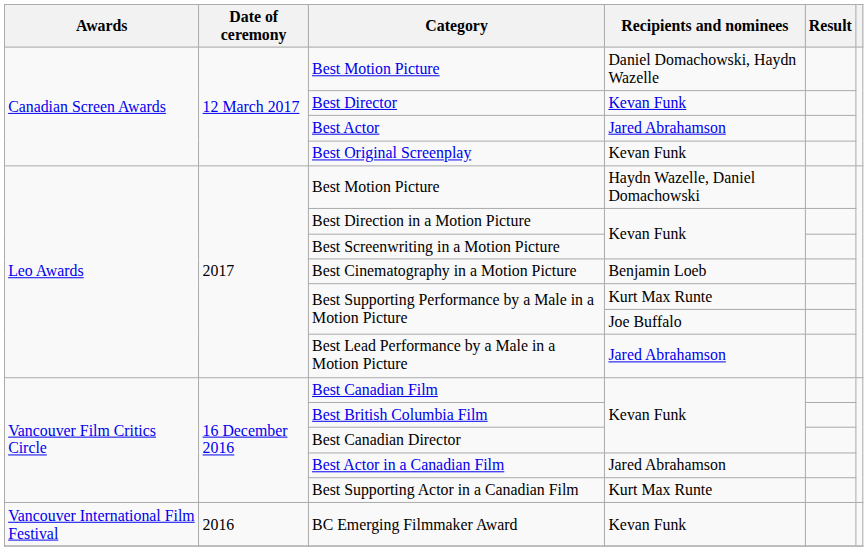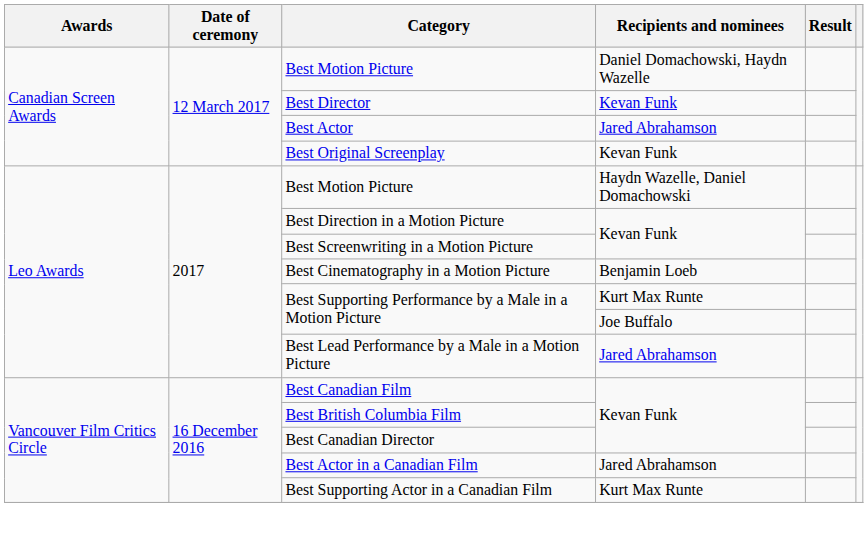 <table class="wikitable plainrowheaders sortable">
 <tr style="background:#ccc; text-align:center;">
 <th scope="col">Awards</th>
 <th scope="col">Date of ceremony</th>
 <th scope="col">Category</th>
 <th scope="col">Recipients and nominees</th>
 <th scope="col">Result</th>
 <th scope="col" class="unsortable"></th>
 </tr>
 <tr>
 <td rowspan=4><a href='#'>Canadian Screen Awards</a></td>
 <td rowspan=4><a href='#'>12 March 2017</a></td>
 <td><a href='#'>Best Motion Picture</a></td>
 <td>Daniel Domachowski, Haydn Wazelle</td>
 <td></td>
 <td rowspan=4></td>
 </tr>
 <tr>
 <td><a href='#'>Best Director</a></td>
 <td><a href='#'>Kevan Funk</a></td>
 <td></td>
 </tr>
 <tr>
 <td><a href='#'>Best Actor</a></td>
 <td><a href='#'>Jared Abrahamson</a></td>
 <td></td>
 </tr>
 <tr>
 <td><a href='#'>Best Original Screenplay</a></td>
 <td>Kevan Funk</td>
 <td></td>
 </tr>
 <tr>
 <td rowspan=7><a href='#'>Leo Awards</a></td>
 <td rowspan=7>2017</td>
 <td>Best Motion Picture</td>
 <td>Haydn Wazelle, Daniel Domachowski</td>
 <td></td>
 <td rowspan=7></td>
 </tr>
 <tr>
 <td>Best Direction in a Motion Picture</td>
 <td rowspan=2>Kevan Funk</td>
 <td></td>
 </tr>
 <tr>
 <td>Best Screenwriting in a Motion Picture</td>
 <td></td>
 </tr>
 <tr>
 <td>Best Cinematography in a Motion Picture</td>
 <td>Benjamin Loeb</td>
 <td></td>
 </tr>
 <tr>
 <td rowspan=2>Best Supporting Performance by a Male in a Motion Picture</td>
 <td>Kurt Max Runte</td>
 <td></td>
 </tr>
 <tr>
 <td>Joe Buffalo</td>
 <td></td>
 </tr>
 <tr>
 <td>Best Lead Performance by a Male in a Motion Picture</td>
 <td><a href='#'>Jared Abrahamson</a></td>
 <td></td>
 </tr>
 <tr>
 <td rowspan=5><a href='#'>Vancouver Film Critics Circle</a></td>
 <td rowspan=5><a href='#'>16 December 2016</a></td>
 <td><a href='#'>Best Canadian Film</a></td>
 <td rowspan=3>Kevan Funk</td>
 <td></td>
 <td rowspan=5></td>
 </tr>
 <tr>
 <td><a href='#'>Best British Columbia Film</a></td>
 <td></td>
 </tr>
 <tr>
 <td>Best Canadian Director</td>
 <td></td>
 </tr>
 <tr>
 <td><a href='#'>Best Actor in a Canadian Film</a></td>
 <td>Jared Abrahamson</td>
 <td></td>
 </tr>
 <tr>
 <td>Best Supporting Actor in a Canadian Film</td>
 <td>Kurt Max Runte</td>
 <td></td>
 </tr>
 <tr>
-<td rowspan=1><a href='#'>Vancouver International Film Festival</a></td>
-<td rowspan=1>2016</td>
-<td>BC Emerging Filmmaker Award</td>
-<td>Kevan Funk</td>
-<td></td>
-<td></td>
-</tr>
-<tr>
 </tr>
 </table>
